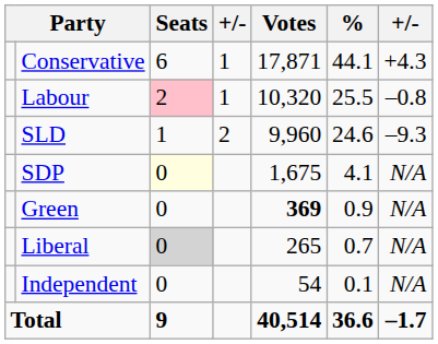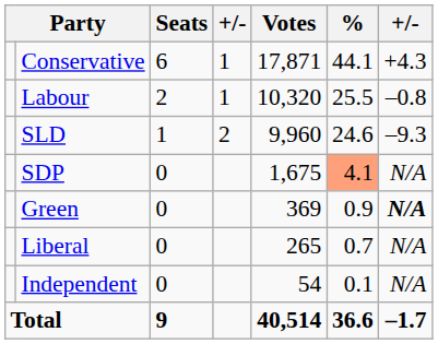 <table class="wikitable sortable">
 <tr>
 <th colspan="2">Party</th>
 <th>Seats</th>
 <th>+/-</th>
 <th>Votes</th>
 <th>%</th>
 <th>+/-</th>
 </tr>
 <tr>
 <td style="background-color: "></td>
 <td><a href='#'>Conservative</a></td>
 <td>6</td>
 <td> 1</td>
 <td style="text-align:right;">17,871</td>
 <td style="text-align:right;">44.1</td>
 <td style="text-align:right;">+4.3</td>
 </tr>
 <tr>
 <td style="background-color: "></td>
 <td><a href='#'>Labour</a></td>
-<td style="background: pink;">2</td>
+<td>2</td>
 <td> 1</td>
 <td style="text-align:right;">10,320</td>
 <td style="text-align:right;">25.5</td>
 <td style="text-align:right;">–0.8</td>
 </tr>
 <tr>
 <td style="background-color: "></td>
 <td><a href='#'>SLD</a></td>
 <td>1</td>
 <td> 2</td>
 <td style="text-align:right;">9,960</td>
 <td style="text-align:right;">24.6</td>
 <td style="text-align:right;">–9.3</td>
 </tr>
 <tr>
 <td style="background-color: "></td>
 <td><a href='#'>SDP</a></td>
-<td style="background: lightyellow;">0</td>
+<td>0</td>
 <td></td>
 <td style="text-align:right;">1,675</td>
-<td style="text-align:right;">4.1</td>
+<td style="background: lightsalmon; text-align:right;">4.1</td>
 <td style="text-align:right;"><em>N/A</em></td>
 </tr>
 <tr>
 <td style="background-color: "></td>
 <td><a href='#'>Green</a></td>
 <td>0</td>
 <td></td>
-<td style="text-align:right;"><strong>369</strong></td>
+<td style="text-align:right;">369</td>
 <td style="text-align:right;">0.9</td>
-<td style="text-align:right;"><em>N/A</em></td>
+<td style="text-align:right;"><strong><em>N/A</em></strong></td>
 </tr>
 <tr>
 <td style="background-color: "></td>
 <td><a href='#'>Liberal</a></td>
-<td style="background: lightgrey;">0</td>
+<td>0</td>
 <td></td>
 <td style="text-align:right;">265</td>
 <td style="text-align:right;">0.7</td>
 <td style="text-align:right;"><em>N/A</em></td>
 </tr>
 <tr>
 <td style="background-color: "></td>
 <td><a href='#'>Independent</a></td>
 <td>0</td>
 <td></td>
 <td style="text-align:right;">54</td>
 <td style="text-align:right;">0.1</td>
 <td style="text-align:right;"><em>N/A</em></td>
 </tr>
 <tr>
 <td colspan="2"><strong>Total</strong></td>
 <td><strong>9</strong></td>
 <td></td>
 <td style="text-align:right;"><strong>40,514</strong></td>
 <td style="text-align:right;"><strong>36.6</strong></td>
 <td style="text-align:right;"><strong>–1.7</strong></td>
 </tr>
 </table>
